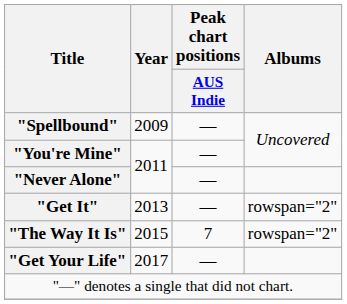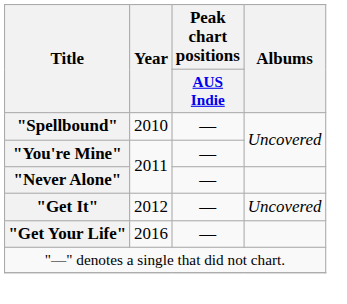 <table class="wikitable plainrowheaders" style="text-align:center;">
 <tr>
 <th scope="col" rowspan="2">Title</th>
 <th scope="col" rowspan="2">Year</th>
 <th scope="col">Peak chart positions</th>
 <th scope="col" rowspan="2">Albums</th>
 </tr>
 <tr>
 <th style="width:3em; font-size:90%"><a href='#'>AUS<br>Indie</a><br></th>
 </tr>
 <tr>
 <th scope="row">"Spellbound"</th>
-<td>2009</td>
+<td>2010</td>
 <td>—</td>
 <td rowspan="2"><em>Uncovered</em></td>
 </tr>
 <tr>
 <th scope="row">"You're Mine"</th>
 <td rowspan="2">2011</td>
 <td>—</td>
 </tr>
 <tr>
 <th scope="row">"Never Alone"</th>
 <td>—</td>
 <td></td>
 </tr>
 <tr>
 <th scope="row">"Get It"</th>
-<td>2013</td>
+<td>2012</td>
 <td>—</td>
-<td>rowspan="2" </td>
-</tr>
-<tr>
-<th scope="row">"The Way It Is"</th>
-<td>2015</td>
-<td>7</td>
-<td>rowspan="2" </td>
+<td><em>Uncovered</em></td>
 </tr>
 <tr>
 <th scope="row">"Get Your Life"</th>
-<td>2017</td>
+<td>2016</td>
 <td>—</td>
 </tr>
 <tr>
 <td colspan="4" style="font-size:90%">"—" denotes a single that did not chart.</td>
 </tr>
 <tr>
 </tr>
 </table>
